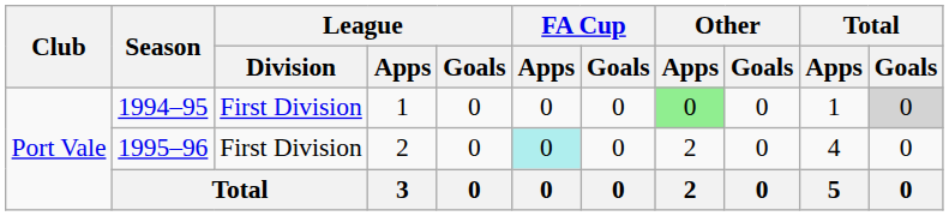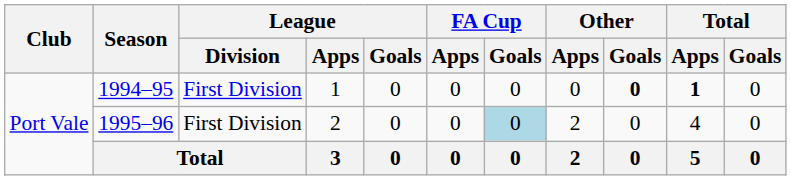 <table class="wikitable" style="text-align:center">
 <tr>
 <th rowspan="2">Club</th>
 <th rowspan="2">Season</th>
 <th colspan="3">League</th>
 <th colspan="2"><a href='#'>FA Cup</a></th>
 <th colspan="2">Other</th>
 <th colspan="2">Total</th>
 </tr>
 <tr>
 <th>Division</th>
 <th>Apps</th>
 <th>Goals</th>
 <th>Apps</th>
 <th>Goals</th>
 <th>Apps</th>
 <th>Goals</th>
 <th>Apps</th>
 <th>Goals</th>
 </tr>
 <tr>
 <td rowspan="3"><a href='#'>Port Vale</a></td>
 <td><a href='#'>1994–95</a></td>
 <td><a href='#'>First Division</a></td>
 <td>1</td>
 <td>0</td>
 <td>0</td>
 <td>0</td>
-<td style="background: lightgreen;">0</td>
 <td>0</td>
-<td>1</td>
-<td style="background: lightgrey;">0</td>
+<td><strong>0</strong></td>
+<td><strong>1</strong></td>
+<td>0</td>
 </tr>
 <tr>
 <td><a href='#'>1995–96</a></td>
 <td>First Division</td>
 <td>2</td>
 <td>0</td>
-<td style="background: paleturquoise;">0</td>
 <td>0</td>
+<td style="background: lightblue;">0</td>
 <td>2</td>
 <td>0</td>
 <td>4</td>
 <td>0</td>
 </tr>
 <tr>
 <th colspan="2">Total</th>
 <th>3</th>
 <th>0</th>
 <th>0</th>
 <th>0</th>
 <th>2</th>
 <th>0</th>
 <th>5</th>
 <th>0</th>
 </tr>
 </table>
